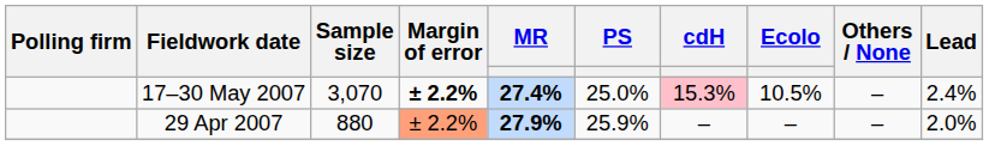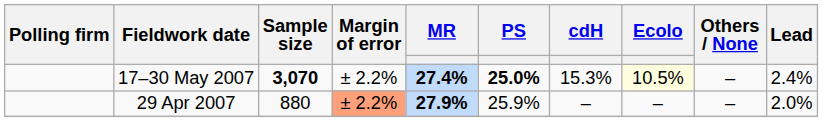 <table class="wikitable sortable" style="text-align:center;font-size:90%;line-height:14px;">
 <tr style="height:40px;">
 <th rowspan="2">Polling firm</th>
 <th rowspan="2">Fieldwork date</th>
 <th rowspan="2">Sample<br>size</th>
 <th rowspan="2">Margin<br>of error</th>
 <th class="unsortable" style="width:50px;"><a href='#'>MR</a></th>
 <th class="unsortable" style="width:50px;"><a href='#'>PS</a></th>
 <th class="unsortable" style="width:50px;"><a href='#'>cdH</a></th>
 <th class="unsortable" style="width:50px;"><a href='#'>Ecolo</a></th>
 <th rowspan="2" class="unsortable" style="width:50px;">Others / <a href='#'>None</a></th>
 <th rowspan="2">Lead</th>
 </tr>
 <tr>
 <th class="unsortable" style="color:inherit;background:"></th>
 <th class="unsortable" style="color:inherit;background:"></th>
 <th class="unsortable" style="color:inherit;background:"></th>
 <th class="unsortable" style="color:inherit;background:"></th>
 </tr>
 <tr>
 <td></td>
 <td data-sort-value="2007-05-30">17–30 May 2007</td>
-<td>3,070</td>
-<td><strong>± 2.2%</strong></td>
+<td><strong>3,070</strong></td>
+<td>± 2.2%</td>
 <td style="background:#C0DBFC"><strong>27.4%</strong></td>
-<td>25.0%</td>
-<td style="background: pink;">15.3%</td>
-<td>10.5%</td>
+<td><strong>25.0%</strong></td>
+<td>15.3%</td>
+<td style="background: lightyellow;">10.5%</td>
 <td>–</td>
 <td style="background:">2.4%</td>
 </tr>
 <tr>
 <td></td>
 <td data-sort-value="2007-04-29">29 Apr 2007</td>
 <td>880</td>
 <td style="background: lightsalmon;">± 2.2%</td>
 <td style="background:#C0DBFC"><strong>27.9%</strong></td>
 <td>25.9%</td>
 <td>–</td>
 <td>–</td>
 <td>–</td>
 <td style="background:">2.0%</td>
 </tr>
 <tr>
 </tr>
 </table>
